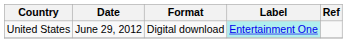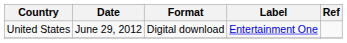 <table class="wikitable">
 <tr>
 <th>Country</th>
 <th>Date</th>
 <th>Format</th>
 <th>Label</th>
 <th>Ref</th>
 </tr>
 <tr>
 <td>United States</td>
 <td rowspan="1">June 29, 2012</td>
 <td rowspan="1">Digital download</td>
-<td rowspan="1" style="background: paleturquoise;"><a href='#'>Entertainment One</a></td>
+<td rowspan="1"><a href='#'>Entertainment One</a></td>
 <td></td>
 </tr>
 <tr>
 </tr>
 </table>
